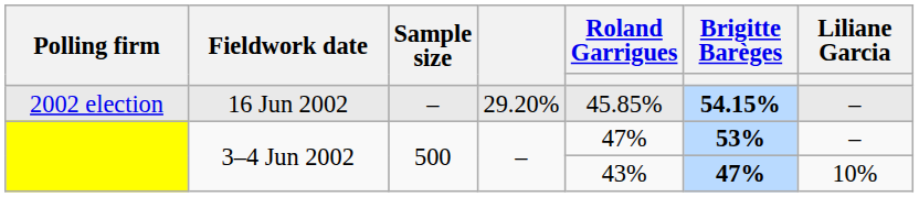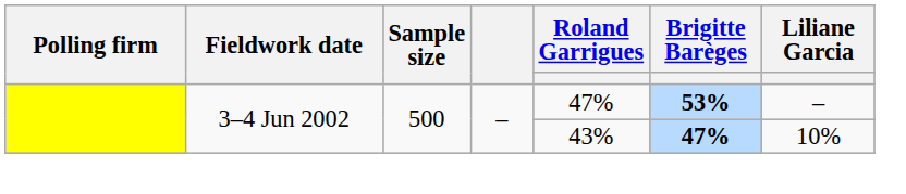 <table class="wikitable sortable" style="text-align:center;font-size:90%;line-height:14px;">
 <tr style="height:40px;">
 <th style="width:100px;" rowspan="2">Polling firm</th>
 <th style="width:110px;" rowspan="2">Fieldwork date</th>
 <th style="width:35px;" rowspan="2">Sample<br>size</th>
 <th style="width:30px;" rowspan="2"></th>
 <th class="unsortable" style="width:60px;"><a href='#'>Roland Garrigues</a><br></th>
 <th class="unsortable" style="width:60px;"><a href='#'>Brigitte Barèges</a><br></th>
 <th class="unsortable" style="width:60px;">Liliane Garcia<br></th>
 </tr>
 <tr>
 <th style="background:"></th>
 <th style="background:"></th>
 <th style="background:"></th>
-</tr>
-<tr style="background:#E9E9E9;">
-<td><a href='#'>2002 election</a></td>
-<td data-sort-value="2002-06-16">16 Jun 2002</td>
-<td>–</td>
-<td>29.20%</td>
-<td>45.85%</td>
-<td style="background:#B9DAFF;"><strong>54.15%</strong></td>
-<td>–</td>
 </tr>
 <tr>
 <td rowspan="2" style="background:yellow;"></td>
 <td rowspan="2" data-sort-value="2002-06-04">3–4 Jun 2002</td>
 <td rowspan="2">500</td>
 <td rowspan="2">–</td>
 <td>47%</td>
 <td style="background:#B9DAFF;"><strong>53%</strong></td>
 <td>–</td>
 </tr>
 <tr>
 <td>43%</td>
 <td style="background:#B9DAFF;"><strong>47%</strong></td>
 <td>10%</td>
 </tr>
 </table>
